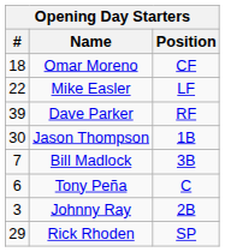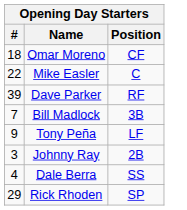 <table class="wikitable" style="text-align:center">
 <tr>
 <th colspan="3">Opening Day Starters</th>
 </tr>
 <tr>
 <th>#</th>
 <th>Name</th>
 <th>Position</th>
 </tr>
 <tr>
 <td>18</td>
 <td><a href='#'>Omar Moreno</a></td>
 <td><a href='#'>CF</a></td>
 </tr>
 <tr>
 <td>22</td>
 <td><a href='#'>Mike Easler</a></td>
-<td><a href='#'>LF</a></td>
+<td><a href='#'>C</a></td>
 </tr>
 <tr>
 <td>39</td>
 <td><a href='#'>Dave Parker</a></td>
 <td><a href='#'>RF</a></td>
 </tr>
 <tr>
-<td>30</td>
-<td><a href='#'>Jason Thompson</a></td>
-<td><a href='#'>1B</a></td>
-</tr>
-<tr>
 <td>7</td>
 <td><a href='#'>Bill Madlock</a></td>
 <td><a href='#'>3B</a></td>
 </tr>
 <tr>
-<td>6</td>
+<td>9</td>
 <td><a href='#'>Tony Peña</a></td>
-<td><a href='#'>C</a></td>
+<td><a href='#'>LF</a></td>
 </tr>
 <tr>
 <td>3</td>
 <td><a href='#'>Johnny Ray</a></td>
 <td><a href='#'>2B</a></td>
 </tr>
 <tr>
+<td>4</td>
+<td><a href='#'>Dale Berra</a></td>
+<td><a href='#'>SS</a></td>
+</tr>
+<tr>
 <td>29</td>
 <td><a href='#'>Rick Rhoden</a></td>
 <td><a href='#'>SP</a></td>
 </tr>
 </table>
